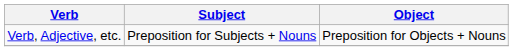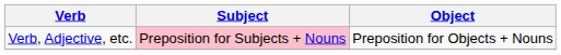 <table class="wikitable">
 <tr>
 <th><a href='#'>Verb</a></th>
 <th><a href='#'>Subject</a></th>
 <th><a href='#'>Object</a></th>
 </tr>
 <tr>
 <td><a href='#'>Verb</a>, <a href='#'>Adjective</a>, etc.</td>
-<td>Preposition for Subjects + <a href='#'>Nouns</a></td>
+<td style="background: pink;">Preposition for Subjects + <a href='#'>Nouns</a></td>
 <td>Preposition for Objects + Nouns</td>
 </tr>
 <tr>
 </tr>
 </table>
